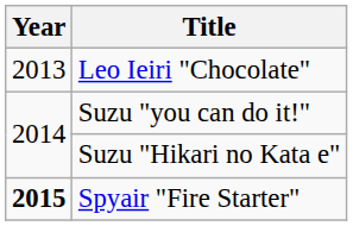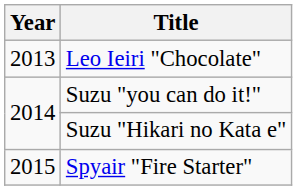 <table class="wikitable">
 <tr>
 <th>Year</th>
 <th>Title</th>
 </tr>
 <tr>
 <td>2013</td>
 <td><a href='#'>Leo Ieiri</a> "Chocolate"</td>
 </tr>
 <tr>
 <td rowspan="2">2014</td>
 <td>Suzu "you can do it!"</td>
 </tr>
 <tr>
 <td>Suzu "Hikari no Kata e"</td>
 </tr>
 <tr>
-<td><strong>2015</strong></td>
+<td>2015</td>
 <td><a href='#'>Spyair</a> "Fire Starter"</td>
 </tr>
 </table>
